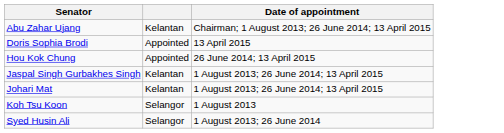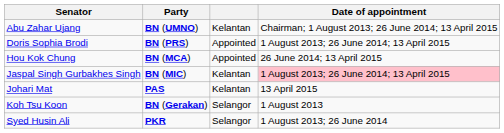 <table class="wikitable sortable">
 <tr>
 <th>Senator</th>
+<th>Party</th>
 <th></th>
 <th>Date of appointment</th>
 </tr>
 <tr>
 <td><a href='#'>Abu Zahar Ujang</a></td>
+<td><strong><a href='#'>BN</a></strong> (<strong><a href='#'>UMNO</a></strong>)</td>
 <td>Kelantan</td>
 <td>Chairman; 1 August 2013; 26 June 2014; 13 April 2015</td>
 </tr>
 <tr>
 <td><a href='#'>Doris Sophia Brodi</a></td>
+<td><strong><a href='#'>BN</a></strong> (<strong><a href='#'>PRS</a></strong>)</td>
 <td>Appointed</td>
-<td>13 April 2015</td>
+<td>1 August 2013; 26 June 2014; 13 April 2015</td>
 </tr>
 <tr>
 <td><a href='#'>Hou Kok Chung</a></td>
+<td><strong><a href='#'>BN</a></strong> (<strong><a href='#'>MCA</a></strong>)</td>
 <td>Appointed</td>
 <td>26 June 2014; 13 April 2015</td>
 </tr>
 <tr>
 <td><a href='#'>Jaspal Singh Gurbakhes Singh</a></td>
+<td><strong><a href='#'>BN</a></strong> (<strong><a href='#'>MIC</a></strong>)</td>
 <td>Kelantan</td>
-<td>1 August 2013; 26 June 2014; 13 April 2015</td>
+<td style="background: pink;">1 August 2013; 26 June 2014; 13 April 2015</td>
 </tr>
 <tr>
 <td><a href='#'>Johari Mat</a></td>
+<td><strong><a href='#'>PAS</a></strong></td>
 <td>Kelantan</td>
-<td>1 August 2013; 26 June 2014; 13 April 2015</td>
+<td>13 April 2015</td>
 </tr>
 <tr>
 <td><a href='#'>Koh Tsu Koon</a></td>
+<td><strong><a href='#'>BN</a></strong> (<strong><a href='#'>Gerakan</a></strong>)</td>
 <td>Selangor</td>
 <td>1 August 2013</td>
 </tr>
 <tr>
 <td><a href='#'>Syed Husin Ali</a></td>
+<td><strong><a href='#'>PKR</a></strong></td>
 <td>Selangor</td>
 <td>1 August 2013; 26 June 2014</td>
 </tr>
 </table>
